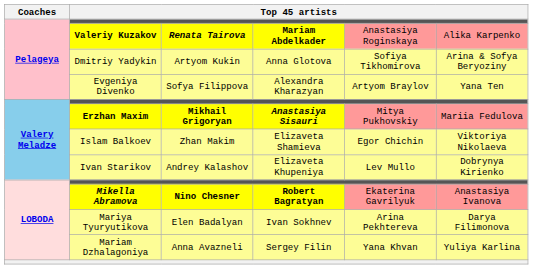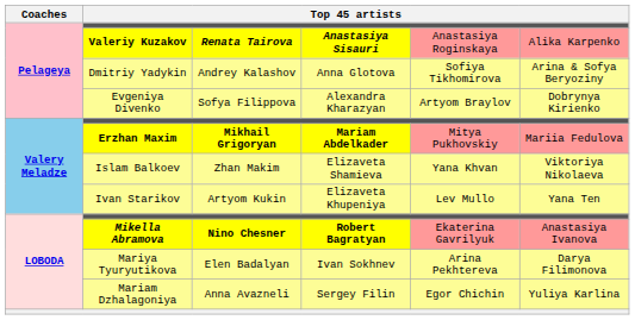 <table class="wikitable" style="text-align:center; width:120%;">
 <tr>
 <th scope="col" width="10%">Coaches</th>
 <th scope="col" width="90%" colspan=5>Top 45 artists</th>
 </tr>
 <tr>
 <th rowspan=4 style="background:pink;"><a href='#'>Pelageya</a></th>
 <td colspan=6 style="background:#555555;"></td>
 </tr>
 <tr>
 <td width="14%;" style="background:yellow;"><strong>Valeriy Kuzakov</strong></td>
 <td width="14%;" style="background:yellow;"><strong><em>Renata Tairova</em></strong></td>
-<td width="14%;" style="background:yellow;"><strong>Mariam Abdelkader</strong></td>
+<td style="background:yellow;"><strong><em>Anastasiya Sisauri</em></strong></td>
 <td width="14%;" style="background:#FF9999;">Anastasiya Roginskaya</td>
 <td width="14%;" style="background:#FF9999;">Alika Karpenko</td>
 </tr>
 <tr>
 <td style="background:#FDFD96;">Dmitriy Yadykin</td>
-<td style="background:#FDFD96;">Artyom Kukin</td>
+<td style="background:#FDFD96;">Andrey Kalashov</td>
 <td style="background:#FDFD96;">Anna Glotova</td>
 <td style="background:#FDFD96;">Sofiya Tikhomirova</td>
 <td style="background:#FDFD96;">Arina & Sofya Beryoziny</td>
 </tr>
 <tr>
 <td style="background:#FDFD96;">Evgeniya Divenko</td>
 <td style="background:#FDFD96;">Sofya Filippova</td>
 <td style="background:#FDFD96;">Alexandra Kharazyan</td>
 <td style="background:#FDFD96;">Artyom Braylov</td>
-<td style="background:#FDFD96;">Yana Ten</td>
+<td style="background:#FDFD96;">Dobrynya Kirienko</td>
 </tr>
 <tr>
 <th rowspan=4 style="background:#87ceeb;"><a href='#'>Valery Meladze</a></th>
 <td colspan=6 style="background:#555555;"></td>
 </tr>
 <tr>
 <td style="background:yellow;"><strong>Erzhan Maxim</strong></td>
 <td style="background:yellow;"><strong>Mikhail Grigoryan</strong></td>
-<td style="background:yellow;"><strong><em>Anastasiya Sisauri</em></strong></td>
+<td width="14%;" style="background:yellow;"><strong>Mariam Abdelkader</strong></td>
 <td style="background:#FF9999;">Mitya Pukhovskiy</td>
 <td style="background:#FF9999;">Mariia Fedulova</td>
 </tr>
 <tr>
 <td style="background:#FDFD96;">Islam Balkoev</td>
 <td style="background:#FDFD96;">Zhan Makim</td>
 <td style="background:#FDFD96;">Elizaveta Shamieva</td>
-<td style="background:#FDFD96;">Egor Chichin</td>
+<td style="background:#FDFD96;">Yana Khvan</td>
 <td style="background:#FDFD96;">Viktoriya Nikolaeva</td>
 </tr>
 <tr>
 <td style="background:#FDFD96;">Ivan Starikov</td>
-<td style="background:#FDFD96;">Andrey Kalashov</td>
+<td style="background:#FDFD96;">Artyom Kukin</td>
 <td style="background:#FDFD96;">Elizaveta Khupeniya</td>
 <td style="background:#FDFD96;">Lev Mullo</td>
-<td style="background:#FDFD96;">Dobrynya Kirienko</td>
+<td style="background:#FDFD96;">Yana Ten</td>
 </tr>
 <tr>
 <th rowspan=4 style="background:#ffdddd;"><a href='#'>LOBODA</a></th>
 <td colspan=6 style="background:#555555;"></td>
 </tr>
 <tr>
 <td style="background:yellow;"><strong><em>Mikella Abramova</em></strong></td>
 <td style="background:yellow;"><strong>Nino Chesner</strong></td>
 <td style="background:yellow;"><strong>Robert Bagratyan</strong></td>
 <td style="background:#FF9999;">Ekaterina Gavrilyuk</td>
 <td style="background:#FF9999;">Anastasiya Ivanova</td>
 </tr>
 <tr>
 <td style="background:#FDFD96;">Mariya Tyuryutikova</td>
 <td style="background:#FDFD96;">Elen Badalyan</td>
 <td style="background:#FDFD96;">Ivan Sokhnev</td>
 <td style="background:#FDFD96;">Arina Pekhtereva</td>
 <td style="background:#FDFD96;">Darya Filimonova</td>
 </tr>
 <tr>
 <td style="background:#FDFD96;">Mariam Dzhalagoniya</td>
 <td style="background:#FDFD96;">Anna Avazneli</td>
 <td style="background:#FDFD96;">Sergey Filin</td>
-<td style="background:#FDFD96;">Yana Khvan</td>
+<td style="background:#FDFD96;">Egor Chichin</td>
 <td style="background:#FDFD96;">Yuliya Karlina</td>
 </tr>
 <tr>
 <th style="font-size:90%; line-height:12px;" colspan="6"></th>
 </tr>
 </table>
